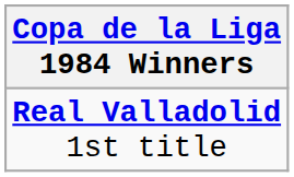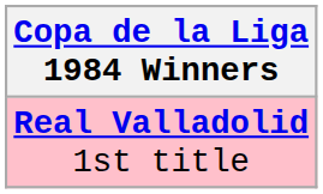 <table class="wikitable" style="text-align: center; margin: 0 auto;">
 <tr>
 <th><a href='#'>Copa de la Liga</a><br>1984 Winners</th>
 </tr>
 <tr>
-<td><strong><a href='#'>Real Valladolid</a></strong><br>1st title</td>
+<td style="background: pink;"><strong><a href='#'>Real Valladolid</a></strong><br>1st title</td>
 </tr>
 </table>
